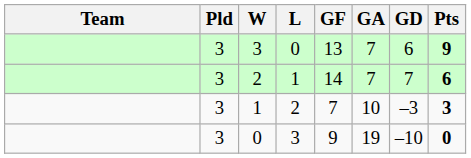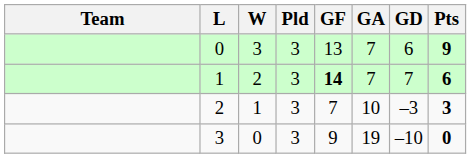 <table class="wikitable" style="text-align:center;">
 <tr>
 <th width=160>Team</th>
+<th width=25>L</th>
+<th width=25>W</th>
 <th width=25>Pld</th>
-<th width=25>W</th>
-<th width=25>L</th>
 <th width=25>GF</th>
 <th width=25>GA</th>
 <th width=25>GD</th>
 <th width=25>Pts</th>
 </tr>
 <tr bgcolor=#ccffcc>
 <td align=left></td>
+<td>0</td>
 <td>3</td>
 <td>3</td>
-<td>0</td>
 <td>13</td>
 <td>7</td>
 <td>6</td>
 <td><strong>9</strong></td>
 </tr>
 <tr bgcolor=#ccffcc>
 <td align=left></td>
+<td>1</td>
+<td>2</td>
 <td>3</td>
-<td>2</td>
-<td>1</td>
-<td>14</td>
+<td><strong>14</strong></td>
 <td>7</td>
 <td>7</td>
 <td><strong>6</strong></td>
 </tr>
 <tr>
 <td align=left></td>
+<td>2</td>
+<td>1</td>
 <td>3</td>
-<td>1</td>
-<td>2</td>
 <td>7</td>
 <td>10</td>
 <td>–3</td>
 <td><strong>3</strong></td>
 </tr>
 <tr>
 <td align=left></td>
 <td>3</td>
 <td>0</td>
 <td>3</td>
 <td>9</td>
 <td>19</td>
 <td>–10</td>
 <td><strong>0</strong></td>
 </tr>
 </table>
